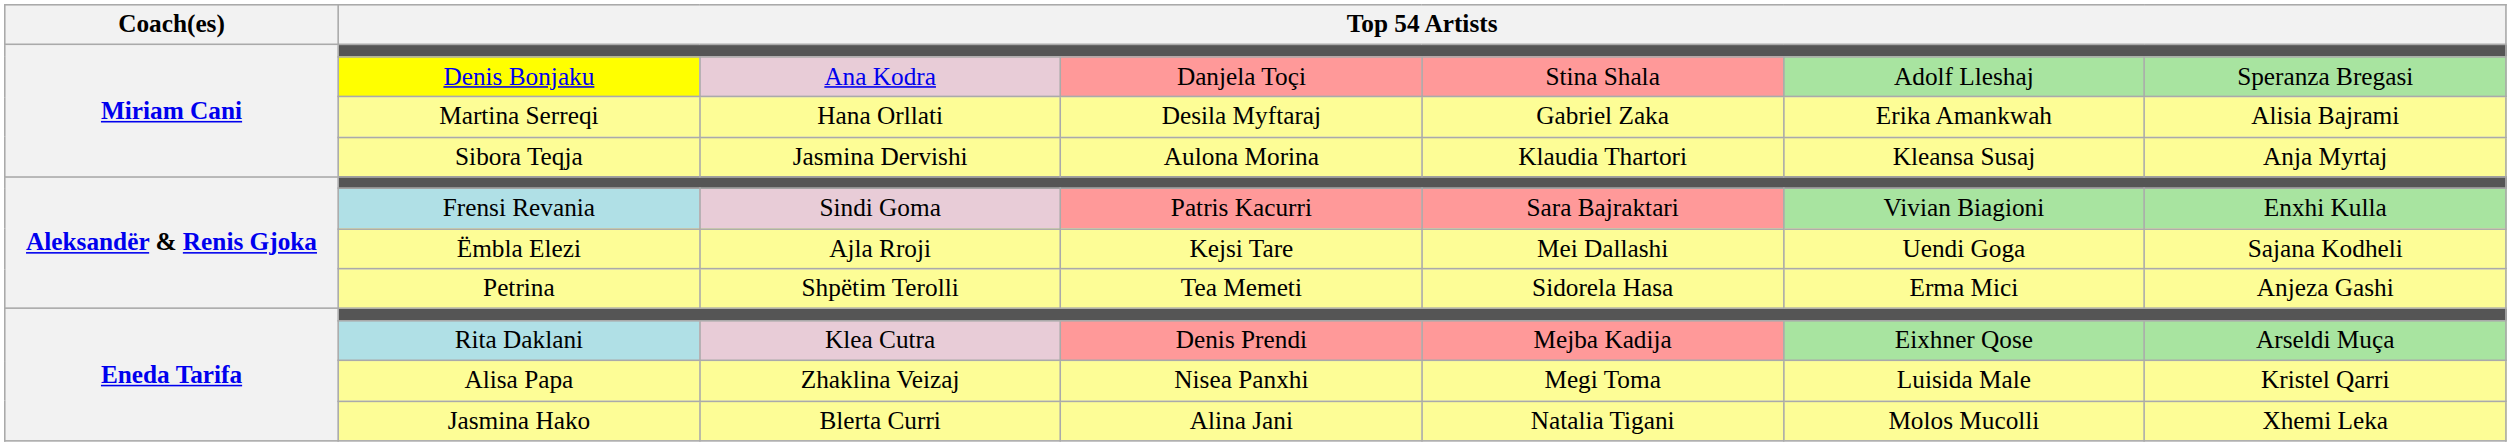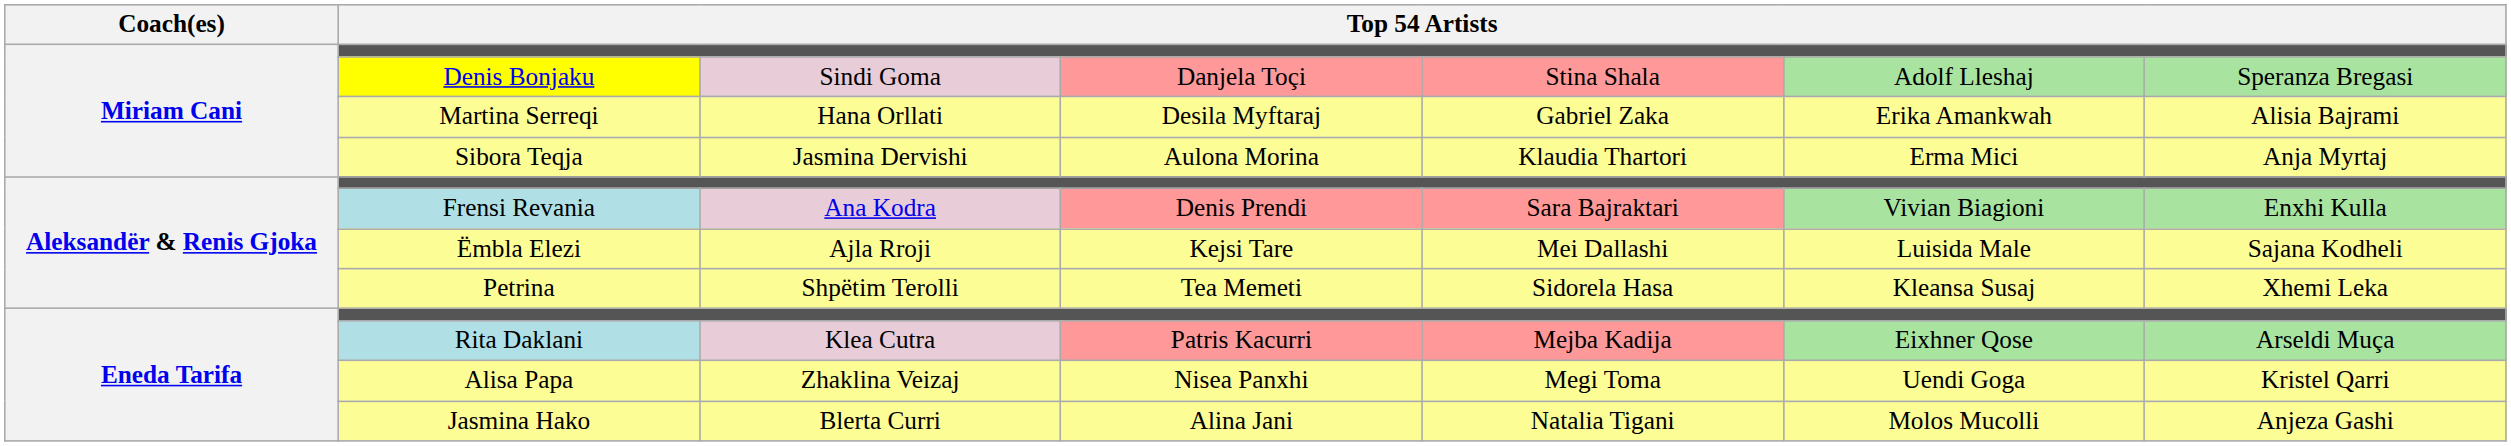 <table class="wikitable" style="text-align:center; width:100%;">
 <tr>
 <th scope="col" style="width:12%;">Coach(es)</th>
 <th scope="col" style="width:84%;" colspan="6">Top 54 Artists </th>
 </tr>
 <tr>
 <th scope="row" rowspan="4"><a href='#'>Miriam Cani</a></th>
 <td colspan="6" style="background:#555;"></td>
 </tr>
 <tr>
 <td width="13%" style="background:Yellow"><a href='#'>Denis Bonjaku</a></td>
-<td width="13%" style="background:#e8ccd7;"><a href='#'>Ana Kodra</a></td>
+<td style="background:#e8ccd7;">Sindi Goma</td>
 <td width="13%" style="background:#FF9999;">Danjela Toçi</td>
 <td width="13%" style="background:#FF9999;">Stina Shala</td>
 <td width="13%" style="background:#A8E4A0;">Adolf Lleshaj</td>
 <td style="background:#A8E4A0;">Speranza Bregasi</td>
 </tr>
 <tr>
 <td style="background:#FDFD96;">Martina Serreqi</td>
 <td style="background:#FDFD96;">Hana Orllati</td>
 <td style="background:#FDFD96;">Desila Myftaraj</td>
 <td style="background:#FDFD96;">Gabriel Zaka</td>
 <td style="background:#FDFD96;">Erika Amankwah</td>
 <td style="background:#FDFD96;">Alisia Bajrami</td>
 </tr>
 <tr>
 <td style="background:#FDFD96;">Sibora Teqja</td>
 <td style="background:#FDFD96;">Jasmina Dervishi</td>
 <td style="background:#FDFD96;">Aulona Morina</td>
 <td style="background:#FDFD96;">Klaudia Thartori</td>
-<td style="background:#FDFD96;">Kleansa Susaj</td>
+<td style="background:#FDFD96;">Erma Mici</td>
 <td style="background:#FDFD96;">Anja Myrtaj</td>
 </tr>
 <tr>
 <th scope="row" rowspan="4"><a href='#'>Aleksandër</a> & <a href='#'>Renis Gjoka</a></th>
 <td colspan="6" style="background:#555;"></td>
 </tr>
 <tr>
 <td style="background:#B0E0E6;">Frensi Revania</td>
-<td style="background:#e8ccd7;">Sindi Goma</td>
-<td style="background:#FF9999;">Patris Kacurri</td>
+<td width="13%" style="background:#e8ccd7;"><a href='#'>Ana Kodra</a></td>
+<td style="background:#FF9999;">Denis Prendi</td>
 <td style="background:#FF9999;">Sara Bajraktari</td>
 <td style="background:#A8E4A0;">Vivian Biagioni</td>
 <td style="background:#A8E4A0;">Enxhi Kulla</td>
 </tr>
 <tr>
 <td style="background:#FDFD96;">Ëmbla Elezi</td>
 <td style="background:#FDFD96;">Ajla Rroji</td>
 <td style="background:#FDFD96;">Kejsi Tare</td>
 <td style="background:#FDFD96;">Mei Dallashi</td>
-<td style="background:#FDFD96;">Uendi Goga</td>
+<td style="background:#FDFD96;">Luisida Male</td>
 <td style="background:#FDFD96;">Sajana Kodheli</td>
 </tr>
 <tr>
 <td style="background:#FDFD96;">Petrina</td>
 <td style="background:#FDFD96;">Shpëtim Terolli</td>
 <td style="background:#FDFD96;">Tea Memeti</td>
 <td style="background:#FDFD96;">Sidorela Hasa</td>
-<td style="background:#FDFD96;">Erma Mici</td>
-<td style="background:#FDFD96;">Anjeza Gashi</td>
+<td style="background:#FDFD96;">Kleansa Susaj</td>
+<td style="background:#FDFD96;">Xhemi Leka</td>
 </tr>
 <tr>
 <th scope="row" rowspan="4"><a href='#'>Eneda Tarifa</a></th>
 <td colspan="6" style="background:#555;"></td>
 </tr>
 <tr>
 <td style="background:#B0E0E6;">Rita Daklani</td>
 <td style="background:#e8ccd7;">Klea Cutra</td>
-<td style="background:#FF9999;">Denis Prendi</td>
+<td style="background:#FF9999;">Patris Kacurri</td>
 <td style="background:#FF9999;">Mejba Kadija</td>
 <td style="background:#A8E4A0;">Eixhner Qose</td>
 <td width="13%" style="background:#A8E4A0;">Arseldi Muça</td>
 </tr>
 <tr>
 <td style="background:#FDFD96;">Alisa Papa</td>
 <td style="background:#FDFD96;">Zhaklina Veizaj</td>
 <td style="background:#FDFD96;">Nisea Panxhi</td>
 <td style="background:#FDFD96;">Megi Toma</td>
-<td style="background:#FDFD96;">Luisida Male</td>
+<td style="background:#FDFD96;">Uendi Goga</td>
 <td style="background:#FDFD96;">Kristel Qarri</td>
 </tr>
 <tr>
 <td style="background:#FDFD96;">Jasmina Hako</td>
 <td style="background:#FDFD96;">Blerta Curri</td>
 <td style="background:#FDFD96;">Alina Jani</td>
 <td style="background:#FDFD96;">Natalia Tigani</td>
 <td style="background:#FDFD96;">Molos Mucolli</td>
-<td style="background:#FDFD96;">Xhemi Leka</td>
+<td style="background:#FDFD96;">Anjeza Gashi</td>
 </tr>
 </table>
